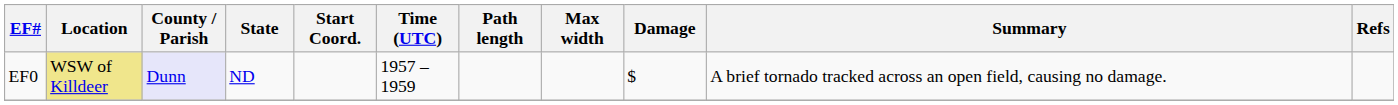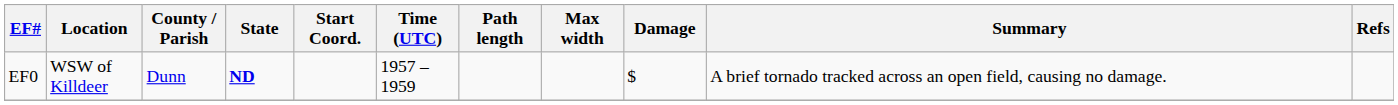 <table class="wikitable sortable" style="width:100%;">
 <tr>
 <th scope="col" width="3%" align="center"><a href='#'>EF#</a></th>
 <th scope="col" width="7%" align="center" class="unsortable">Location</th>
 <th scope="col" width="6%" align="center" class="unsortable">County / Parish</th>
 <th scope="col" width="5%" align="center">State</th>
 <th scope="col" width="6%" align="center">Start Coord.</th>
 <th scope="col" width="6%" align="center">Time (<a href='#'>UTC</a>)</th>
 <th scope="col" width="6%" align="center">Path length</th>
 <th scope="col" width="6%" align="center">Max width</th>
 <th scope="col" width="6%" align="center">Damage</th>
 <th scope="col" width="48%" class="unsortable" align="center">Summary</th>
 <th scope="col" width="48%" class="unsortable" align="center">Refs</th>
 </tr>
 <tr>
 <td>EF0</td>
-<td style="background: khaki;">WSW of <a href='#'>Killdeer</a></td>
-<td style="background: lavender;"><a href='#'>Dunn</a></td>
-<td><a href='#'>ND</a></td>
+<td>WSW of <a href='#'>Killdeer</a></td>
+<td><a href='#'>Dunn</a></td>
+<td><strong><a href='#'>ND</a></strong></td>
 <td></td>
 <td>1957 – 1959</td>
 <td></td>
 <td></td>
 <td>$</td>
 <td>A brief tornado tracked across an open field, causing no damage.</td>
 <td></td>
 </tr>
 <tr>
 </tr>
 </table>
